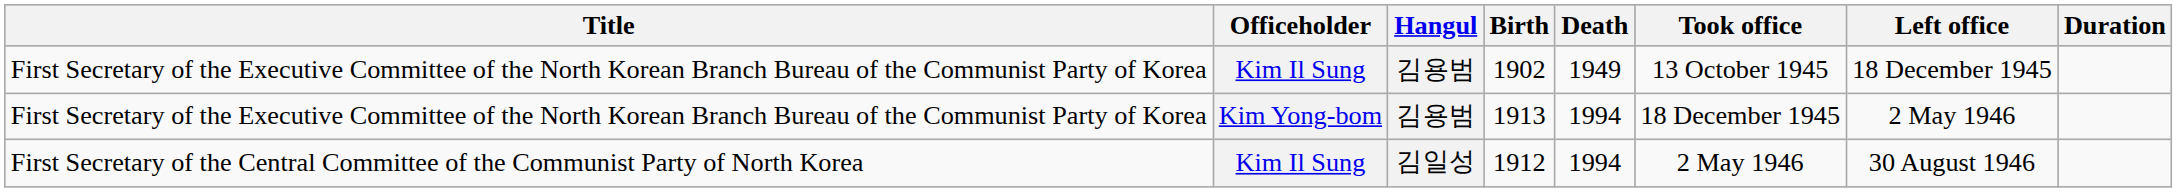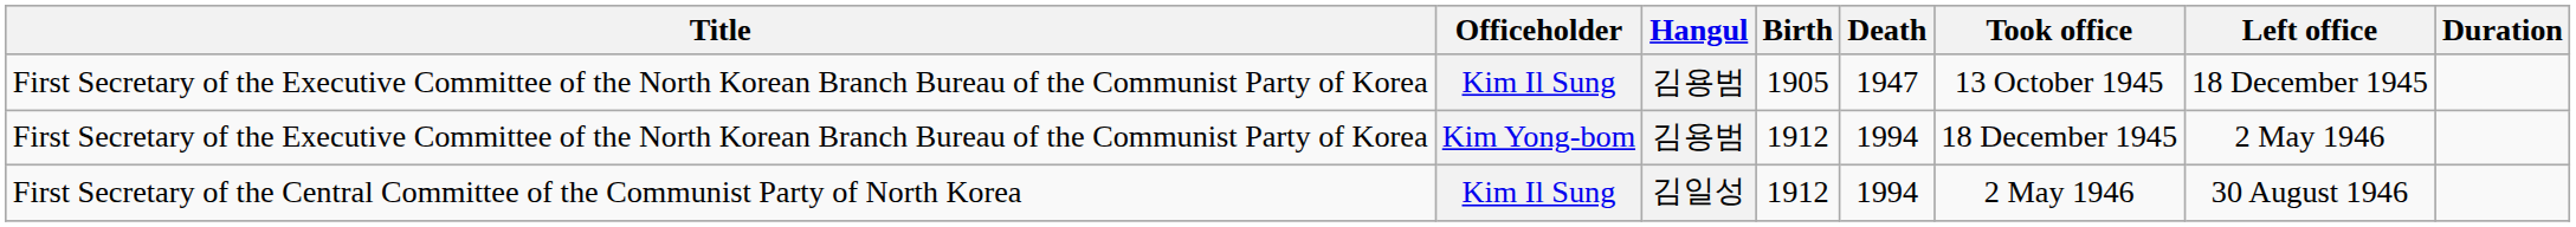 <table class="wikitable">
 <tr>
 <th scope="col"  class="unsortable">Title</th>
 <th scope="col">Officeholder</th>
 <th class="unsortable"><a href='#'>Hangul</a></th>
 <th scope="col">Birth</th>
 <th scope="col">Death</th>
 <th scope="col">Took office</th>
 <th scope="col">Left office</th>
 <th scope="col">Duration</th>
 </tr>
 <tr>
 <td>First Secretary of the Executive Committee of the North Korean Branch Bureau of the Communist Party of Korea</td>
 <th align="center" scope="row" style="font-weight:normal;"><a href='#'>Kim Il Sung</a></th>
 <th align="center" scope="row" style="font-weight:normal;">김용범</th>
-<td align="center">1902</td>
-<td align="center">1949</td>
+<td align="center">1905</td>
+<td align="center">1947</td>
 <td align="center">13 October 1945</td>
 <td align="center">18 December 1945</td>
 <td align="center"></td>
 </tr>
 <tr>
 <td>First Secretary of the Executive Committee of the North Korean Branch Bureau of the Communist Party of Korea</td>
 <th align="center" scope="row" style="font-weight:normal;"><a href='#'>Kim Yong-bom</a></th>
 <th align="center" scope="row" style="font-weight:normal;">김용범</th>
-<td align="center">1913</td>
+<td align="center">1912</td>
 <td align="center">1994</td>
 <td align="center">18 December 1945</td>
 <td align="center">2 May 1946</td>
 <td align="center"></td>
 </tr>
 <tr>
 <td>First Secretary of the Central Committee of the Communist Party of North Korea</td>
 <th align="center" scope="row" style="font-weight:normal;"><a href='#'>Kim Il Sung</a></th>
 <th align="center" scope="row" style="font-weight:normal;">김일성</th>
 <td align="center">1912</td>
 <td align="center">1994</td>
 <td align="center">2 May 1946</td>
 <td align="center">30 August 1946</td>
 <td align="center"></td>
 </tr>
 </table>
